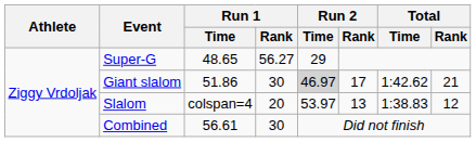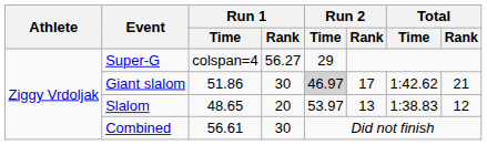 <table class="wikitable" style="font-size:90%">
 <tr>
 <th rowspan=2>Athlete</th>
 <th rowspan=2>Event</th>
 <th colspan=2>Run 1</th>
 <th colspan=2>Run 2</th>
 <th colspan=2>Total</th>
 </tr>
 <tr style="font-size:95%">
 <th>Time</th>
 <th>Rank</th>
 <th>Time</th>
 <th>Rank</th>
 <th>Time</th>
 <th>Rank</th>
 </tr>
 <tr align=center>
 <td align="left" rowspan="4"><a href='#'>Ziggy Vrdoljak</a></td>
 <td align="left"><a href='#'>Super-G</a></td>
-<td>48.65</td>
+<td>colspan=4</td>
 <td>56.27</td>
 <td>29</td>
 </tr>
 <tr align=center>
 <td align="left"><a href='#'>Giant slalom</a></td>
 <td>51.86</td>
 <td>30</td>
 <td style="background: lightgrey;">46.97</td>
 <td>17</td>
 <td>1:42.62</td>
 <td>21</td>
 </tr>
 <tr align=center>
 <td align="left"><a href='#'>Slalom</a></td>
-<td>colspan=4</td>
+<td>48.65</td>
 <td>20</td>
 <td>53.97</td>
 <td>13</td>
 <td>1:38.83</td>
 <td>12</td>
 </tr>
 <tr align=center>
 <td align="left"><a href='#'>Combined</a></td>
 <td>56.61</td>
 <td>30</td>
 <td colspan=4><em>Did not finish</em></td>
 </tr>
 </table>
